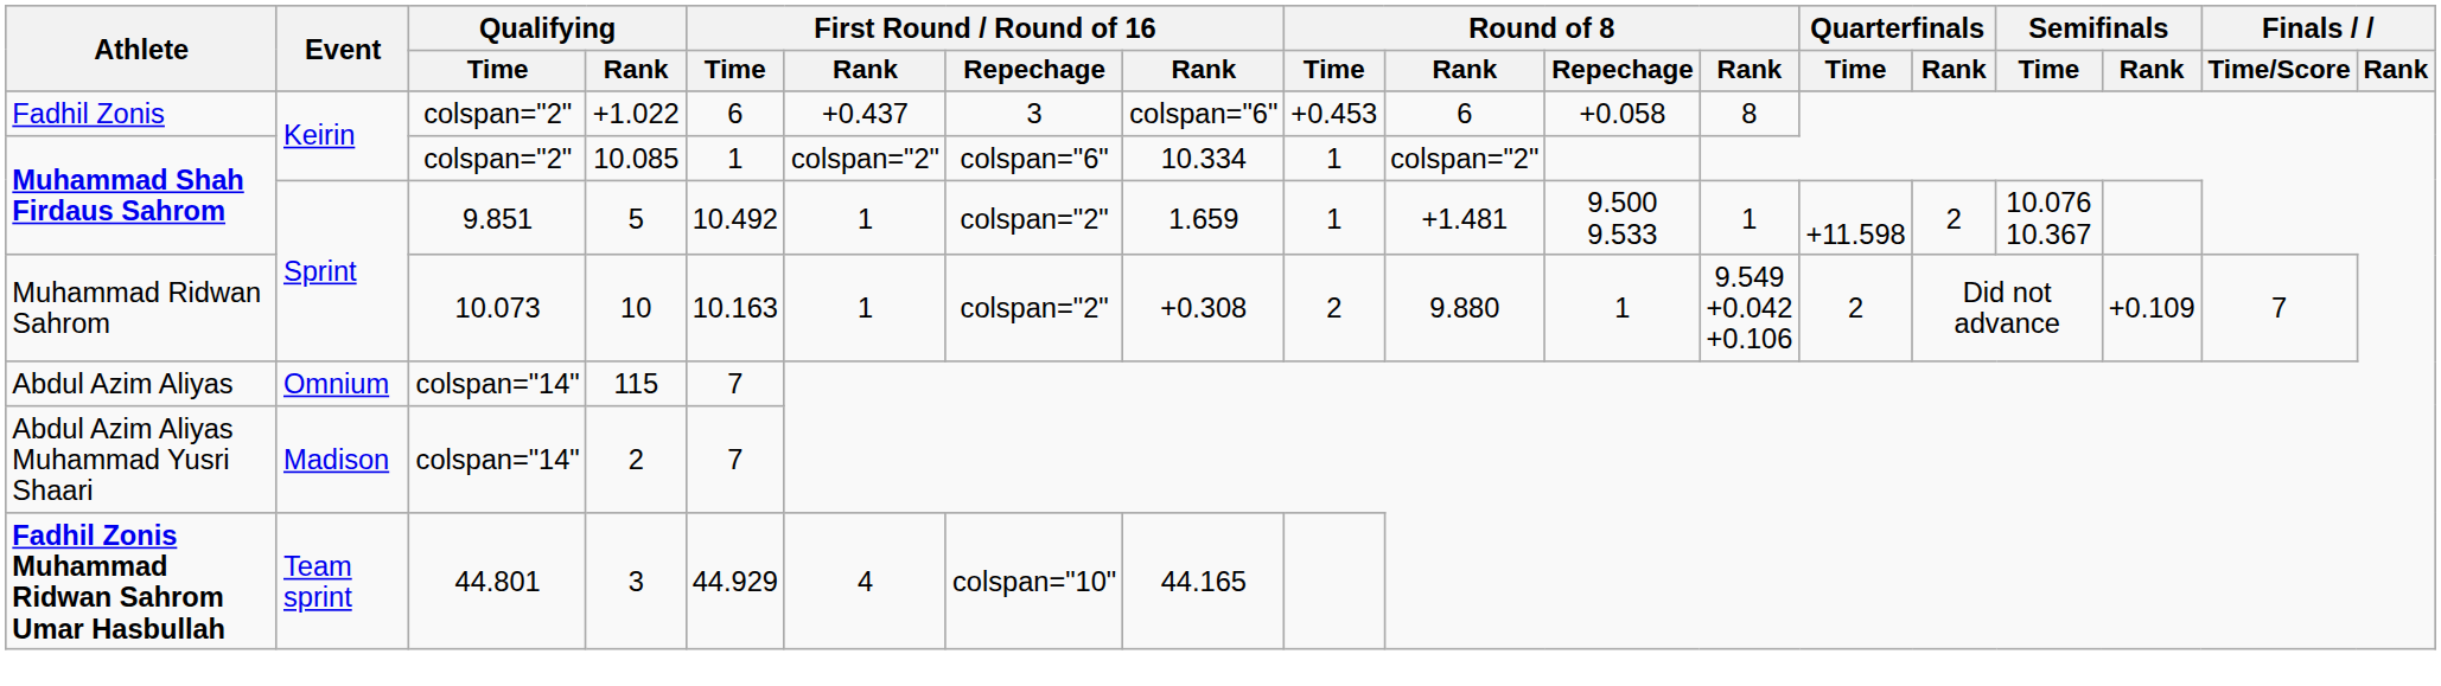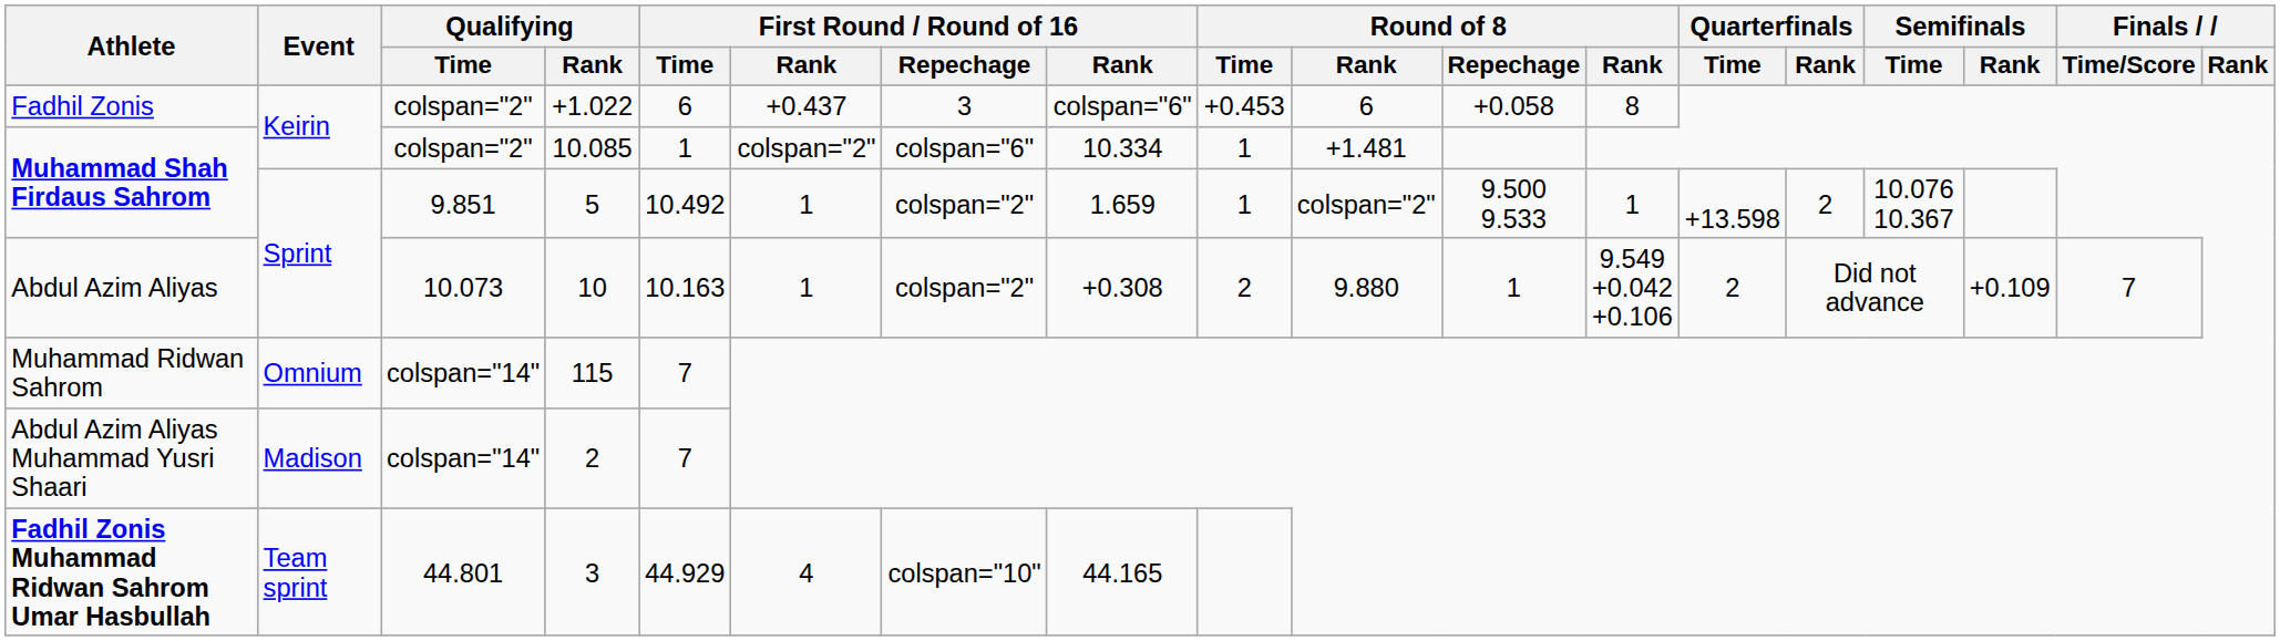 <table class="wikitable" style="font-size:90%;text-align:center">
 <tr>
 <th rowspan="2">Athlete</th>
 <th rowspan="2">Event</th>
 <th colspan="2">Qualifying</th>
 <th colspan="4">First Round / Round of 16</th>
 <th colspan="4">Round of 8</th>
 <th colspan="2">Quarterfinals</th>
 <th colspan="2">Semifinals</th>
 <th colspan="2">Finals /  / </th>
 </tr>
 <tr style=font-size:95%>
 <th>Time</th>
 <th>Rank</th>
 <th>Time</th>
 <th>Rank</th>
 <th>Repechage</th>
 <th>Rank</th>
 <th>Time</th>
 <th>Rank</th>
 <th>Repechage</th>
 <th>Rank</th>
 <th>Time</th>
 <th>Rank</th>
 <th>Time</th>
 <th>Rank</th>
 <th>Time/Score</th>
 <th>Rank</th>
 </tr>
 <tr>
 <td align="left"><a href='#'>Fadhil Zonis</a></td>
 <td align="left" rowspan="2"><a href='#'>Keirin</a></td>
 <td>colspan="2" </td>
 <td>+1.022</td>
 <td>6 <strong></strong></td>
 <td>+0.437</td>
 <td>3 <strong></strong></td>
 <td>colspan="6" </td>
 <td>+0.453</td>
 <td>6 <strong></strong></td>
 <td>+0.058</td>
 <td>8</td>
 </tr>
 <tr>
 <td align="left" rowspan="2"><strong><a href='#'>Muhammad Shah Firdaus Sahrom</a></strong></td>
 <td>colspan="2" </td>
 <td>10.085</td>
 <td>1 <strong></strong></td>
 <td>colspan="2" </td>
 <td>colspan="6" </td>
 <td>10.334</td>
 <td>1 <strong></strong></td>
-<td>colspan="2" </td>
+<td>+1.481</td>
 <td></td>
 </tr>
 <tr>
 <td align="left" rowspan="2"><a href='#'>Sprint</a></td>
 <td>9.851</td>
 <td>5 <strong></strong></td>
 <td>10.492</td>
 <td>1 <strong></strong></td>
 <td>colspan="2" </td>
 <td>1.659</td>
 <td>1 <strong></strong></td>
-<td>+1.481</td>
+<td>colspan="2" </td>
 <td>9.500<br>9.533</td>
 <td>1 <strong></strong></td>
-<td><br>+11.598</td>
+<td><br>+13.598</td>
 <td>2 <strong></strong></td>
 <td>10.076<br>10.367</td>
 <td></td>
 </tr>
 <tr>
-<td align="left">Muhammad Ridwan Sahrom</td>
+<td align="left">Abdul Azim Aliyas</td>
 <td>10.073</td>
 <td>10 <strong></strong></td>
 <td>10.163</td>
 <td>1 <strong></strong></td>
 <td>colspan="2" </td>
 <td>+0.308</td>
 <td>2 <strong></strong></td>
 <td>9.880</td>
 <td>1 <strong></strong></td>
 <td>9.549<br>+0.042<br>+0.106</td>
 <td>2 <strong></strong></td>
 <td colspan="2">Did not advance</td>
 <td>+0.109</td>
 <td>7</td>
 </tr>
 <tr>
-<td align="left">Abdul Azim Aliyas</td>
+<td align="left">Muhammad Ridwan Sahrom</td>
 <td align="left"><a href='#'>Omnium</a></td>
 <td>colspan="14" </td>
 <td>115</td>
 <td>7</td>
 </tr>
 <tr>
 <td align="left">Abdul Azim Aliyas<br>Muhammad Yusri Shaari</td>
 <td align="left"><a href='#'>Madison</a></td>
 <td>colspan="14" </td>
 <td>2</td>
 <td>7</td>
 </tr>
 <tr>
 <td align="left"><strong><a href='#'>Fadhil Zonis</a><br>Muhammad Ridwan Sahrom<br>Umar Hasbullah</strong></td>
 <td align="left"><a href='#'>Team sprint</a></td>
 <td>44.801</td>
 <td>3 <strong></strong></td>
 <td>44.929</td>
 <td>4 <strong></strong></td>
 <td>colspan="10" </td>
 <td>44.165</td>
 <td></td>
 </tr>
 </table>
